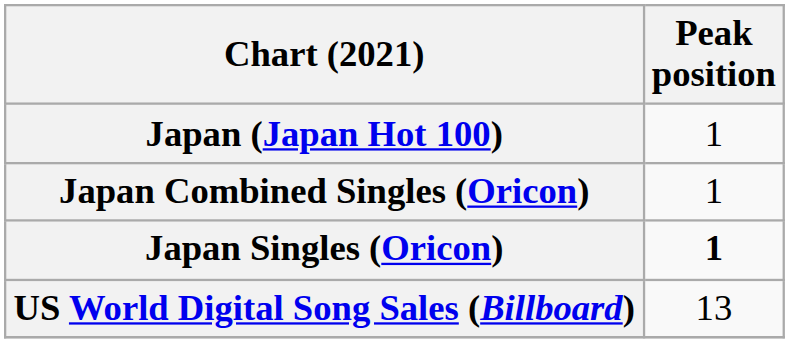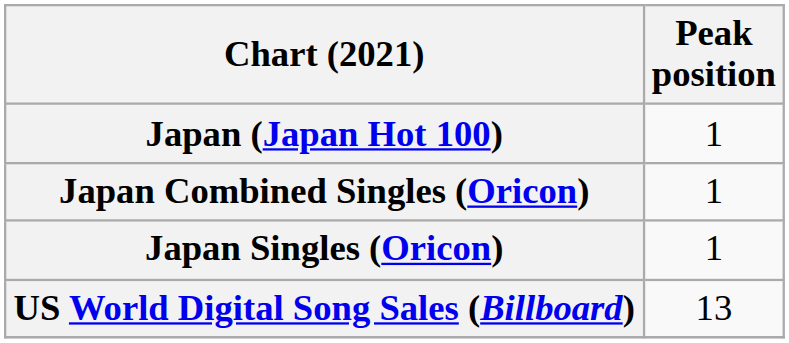 <table class="wikitable sortable plainrowheaders" style="text-align:center;">
 <tr>
 <th scope="col">Chart (2021)</th>
 <th scope="col">Peak<br>position</th>
 </tr>
 <tr>
 <th scope="row">Japan (<a href='#'>Japan Hot 100</a>)</th>
 <td>1</td>
 </tr>
 <tr>
 <th scope="row">Japan Combined Singles (<a href='#'>Oricon</a>)</th>
 <td>1</td>
 </tr>
 <tr>
 <th scope="row">Japan Singles (<a href='#'>Oricon</a>)</th>
-<td><strong>1</strong></td>
+<td>1</td>
 </tr>
 <tr>
 <th scope="row">US <a href='#'>World Digital Song Sales</a> (<em><a href='#'>Billboard</a></em>)</th>
 <td>13</td>
 </tr>
 <tr>
 </tr>
 </table>
